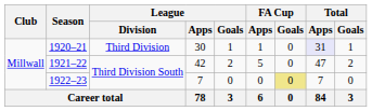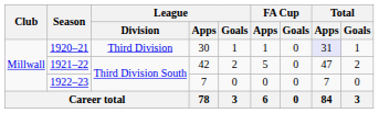 <table class="wikitable" style="text-align: center">
 <tr>
 <th rowspan="2">Club</th>
 <th rowspan="2">Season</th>
 <th colspan="3">League</th>
 <th colspan="2">FA Cup</th>
 <th colspan="2">Total</th>
 </tr>
 <tr>
 <th>Division</th>
 <th>Apps</th>
 <th>Goals</th>
 <th>Apps</th>
 <th>Goals</th>
 <th>Apps</th>
 <th>Goals</th>
 </tr>
 <tr>
 <td rowspan="3"><a href='#'>Millwall</a></td>
 <td><a href='#'>1920–21</a></td>
 <td><a href='#'>Third Division</a></td>
 <td>30</td>
 <td>1</td>
 <td>1</td>
 <td>0</td>
 <td style="background: lavender;">31</td>
 <td>1</td>
 </tr>
 <tr>
 <td><a href='#'>1921–22</a></td>
 <td rowspan="2"><a href='#'>Third Division South</a></td>
 <td>42</td>
 <td>2</td>
 <td>5</td>
 <td>0</td>
 <td>47</td>
 <td>2</td>
 </tr>
 <tr>
 <td><a href='#'>1922–23</a></td>
 <td>7</td>
 <td>0</td>
 <td>0</td>
-<td style="background: khaki;">0</td>
+<td>0</td>
 <td>7</td>
 <td>0</td>
 </tr>
 <tr>
 <th colspan="3">Career total</th>
 <th>78</th>
 <th>3</th>
 <th>6</th>
 <th>0</th>
 <th>84</th>
 <th>3</th>
 </tr>
 </table>
